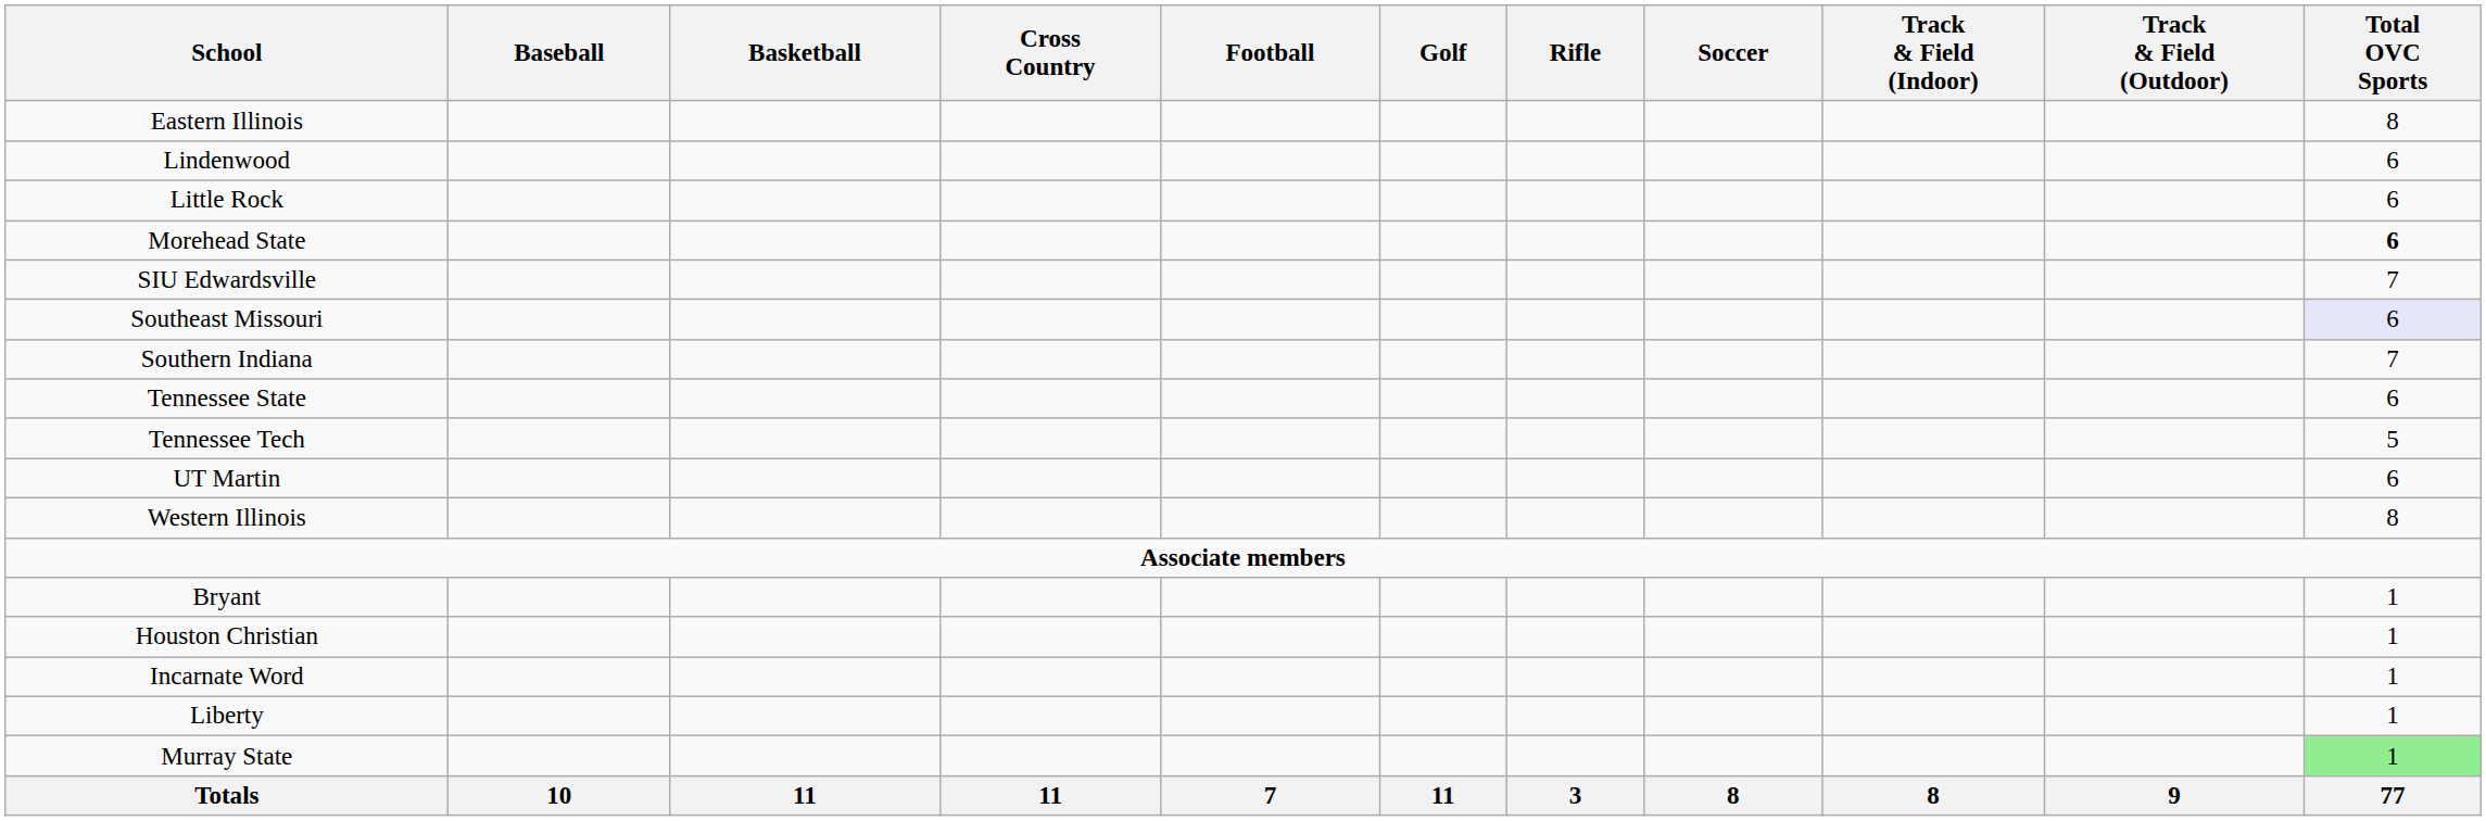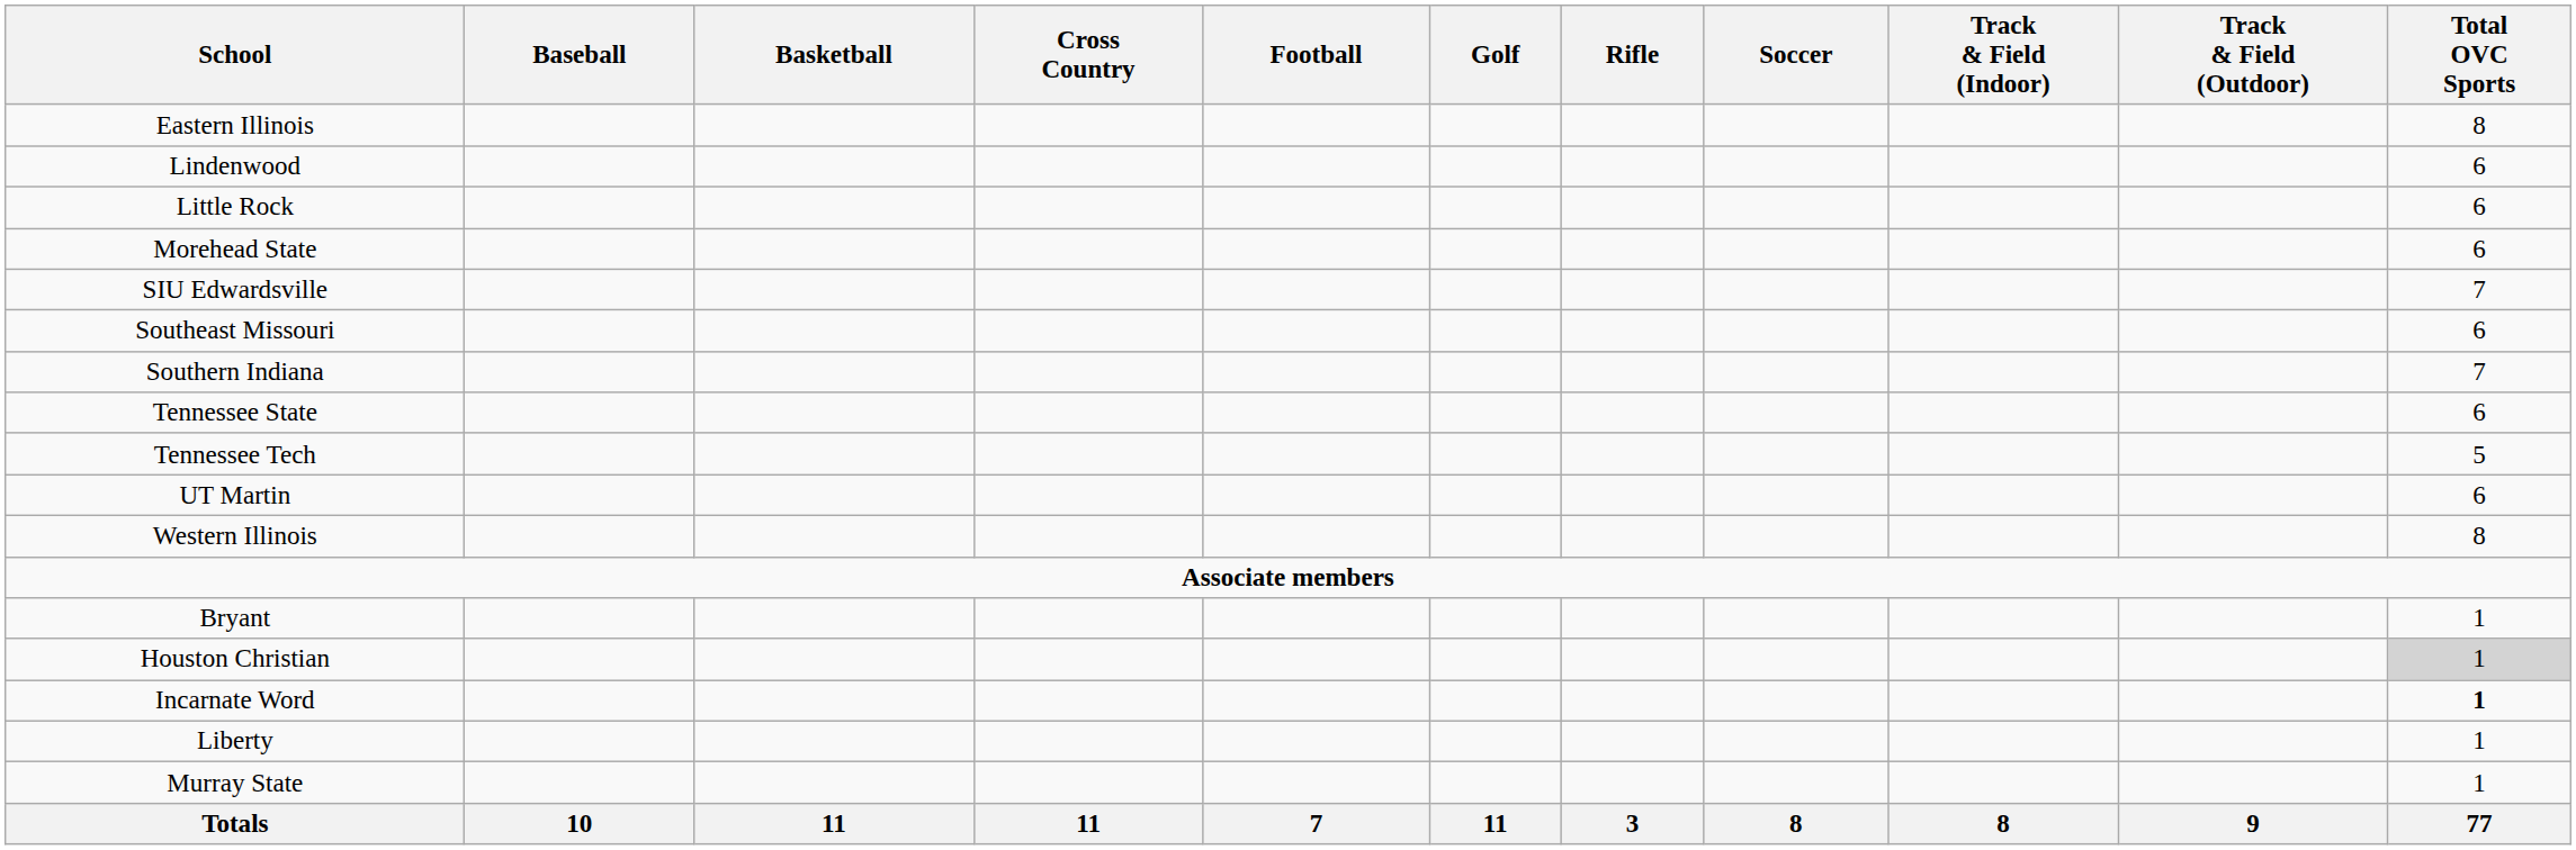 <table class="wikitable" style="text-align:center; width:100%">
 <tr>
 <th>School</th>
 <th>Baseball</th>
 <th>Basketball</th>
 <th>Cross<br>Country</th>
 <th>Football</th>
 <th>Golf</th>
 <th>Rifle</th>
 <th>Soccer</th>
 <th>Track<br>& Field<br>(Indoor)</th>
 <th>Track<br>& Field<br>(Outdoor)</th>
 <th>Total<br>OVC<br>Sports</th>
 </tr>
 <tr>
 <td>Eastern Illinois</td>
 <td></td>
 <td></td>
 <td></td>
 <td></td>
 <td></td>
 <td></td>
 <td></td>
 <td></td>
 <td></td>
 <td>8</td>
 </tr>
 <tr>
 <td>Lindenwood</td>
 <td></td>
 <td></td>
 <td></td>
 <td></td>
 <td></td>
 <td></td>
 <td></td>
 <td></td>
 <td></td>
 <td>6</td>
 </tr>
 <tr>
 <td>Little Rock</td>
 <td></td>
 <td></td>
 <td></td>
 <td></td>
 <td></td>
 <td></td>
 <td></td>
 <td></td>
 <td></td>
 <td>6</td>
 </tr>
 <tr>
 <td>Morehead State</td>
 <td></td>
 <td></td>
 <td></td>
 <td></td>
 <td></td>
 <td></td>
 <td></td>
 <td></td>
 <td></td>
-<td><strong>6</strong></td>
+<td>6</td>
 </tr>
 <tr>
 <td>SIU Edwardsville</td>
 <td></td>
 <td></td>
 <td></td>
 <td></td>
 <td></td>
 <td></td>
 <td></td>
 <td></td>
 <td></td>
 <td>7</td>
 </tr>
 <tr>
 <td>Southeast Missouri</td>
 <td></td>
 <td></td>
 <td></td>
 <td></td>
 <td></td>
 <td></td>
 <td></td>
 <td></td>
 <td></td>
-<td style="background: lavender;">6</td>
+<td>6</td>
 </tr>
 <tr>
 <td>Southern Indiana</td>
 <td></td>
 <td></td>
 <td></td>
 <td></td>
 <td></td>
 <td></td>
 <td></td>
 <td></td>
 <td></td>
 <td>7</td>
 </tr>
 <tr>
 <td>Tennessee State</td>
 <td></td>
 <td></td>
 <td></td>
 <td></td>
 <td></td>
 <td></td>
 <td></td>
 <td></td>
 <td></td>
 <td>6</td>
 </tr>
 <tr>
 <td>Tennessee Tech</td>
 <td></td>
 <td></td>
 <td></td>
 <td></td>
 <td></td>
 <td></td>
 <td></td>
 <td></td>
 <td></td>
 <td>5</td>
 </tr>
 <tr>
 <td>UT Martin</td>
 <td></td>
 <td></td>
 <td></td>
 <td></td>
 <td></td>
 <td></td>
 <td></td>
 <td></td>
 <td></td>
 <td>6</td>
 </tr>
 <tr>
 <td>Western Illinois</td>
 <td></td>
 <td></td>
 <td></td>
 <td></td>
 <td></td>
 <td></td>
 <td></td>
 <td></td>
 <td></td>
 <td>8</td>
 </tr>
 <tr>
 <td colspan="11" align="center"><strong>Associate members</strong></td>
 </tr>
 <tr>
 <td>Bryant</td>
 <td></td>
 <td></td>
 <td></td>
 <td></td>
 <td></td>
 <td></td>
 <td></td>
 <td></td>
 <td></td>
 <td>1</td>
 </tr>
 <tr>
 <td>Houston Christian</td>
 <td></td>
 <td></td>
 <td></td>
 <td></td>
 <td></td>
 <td></td>
 <td></td>
 <td></td>
 <td></td>
-<td>1</td>
+<td style="background: lightgrey;">1</td>
 </tr>
 <tr>
 <td>Incarnate Word</td>
 <td></td>
 <td></td>
 <td></td>
 <td></td>
 <td></td>
 <td></td>
 <td></td>
 <td></td>
 <td></td>
-<td>1</td>
+<td><strong>1</strong></td>
 </tr>
 <tr>
 <td>Liberty</td>
 <td></td>
 <td></td>
 <td></td>
 <td></td>
 <td></td>
 <td></td>
 <td></td>
 <td></td>
 <td></td>
 <td>1</td>
 </tr>
 <tr>
 <td>Murray State</td>
 <td></td>
 <td></td>
 <td></td>
 <td></td>
 <td></td>
 <td></td>
 <td></td>
 <td></td>
 <td></td>
-<td style="background: lightgreen;">1</td>
+<td>1</td>
 </tr>
 <tr>
 <th>Totals</th>
 <th>10</th>
 <th>11</th>
 <th>11</th>
 <th>7</th>
 <th>11</th>
 <th>3</th>
 <th>8</th>
 <th>8</th>
 <th>9</th>
 <th>77<br></th>
 </tr>
 </table>
